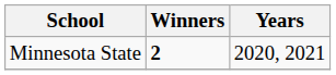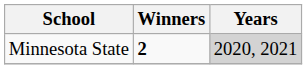 <table class="sortable wikitable">
 <tr>
 <th>School</th>
 <th>Winners</th>
 <th>Years</th>
 </tr>
 <tr>
 <td>Minnesota State</td>
 <td><strong>2</strong></td>
-<td>2020, 2021</td>
+<td style="background: lightgrey;">2020, 2021</td>
 </tr>
 <tr>
 </tr>
 </table>
